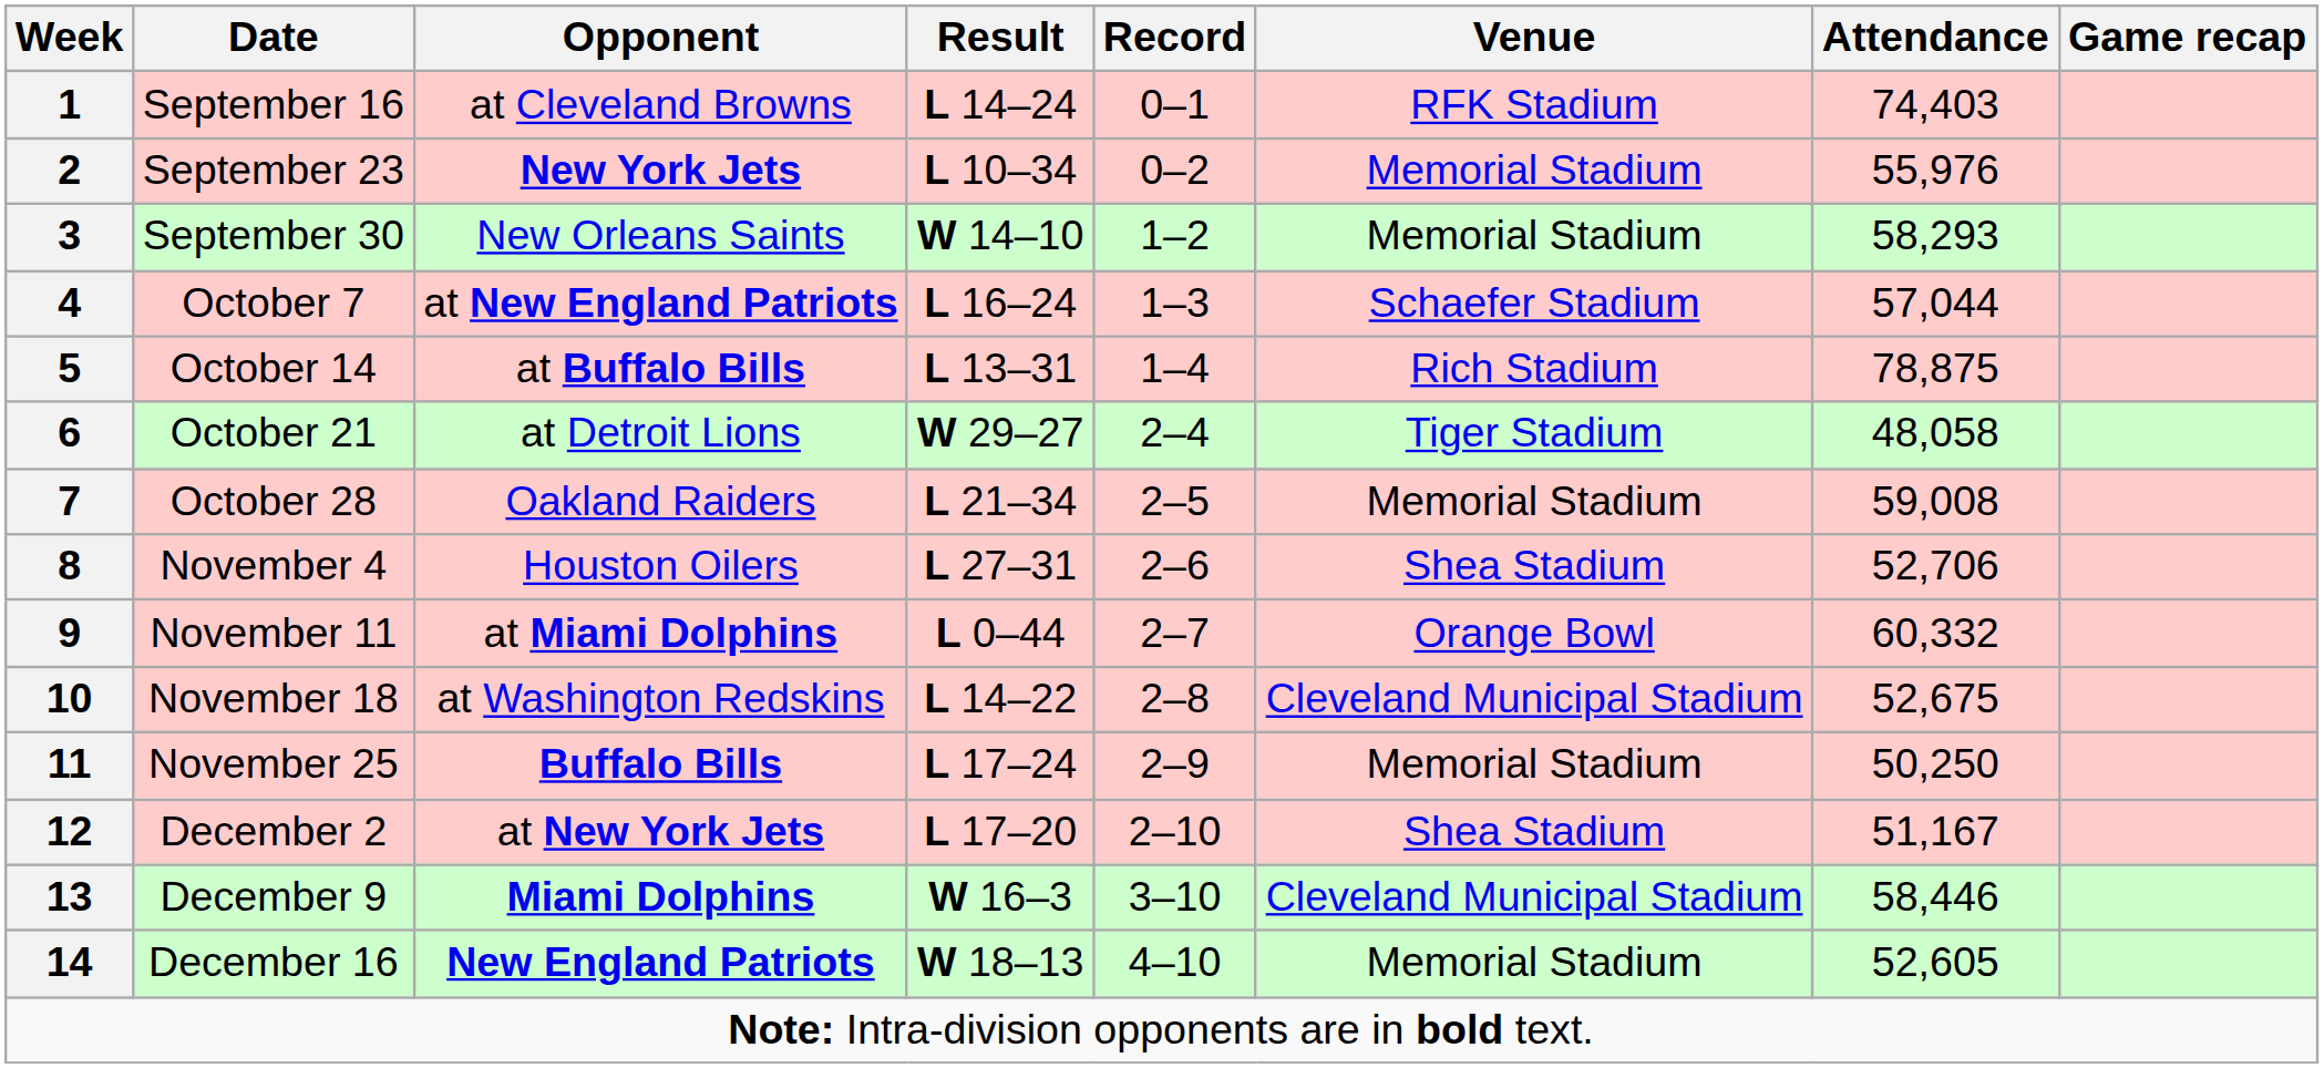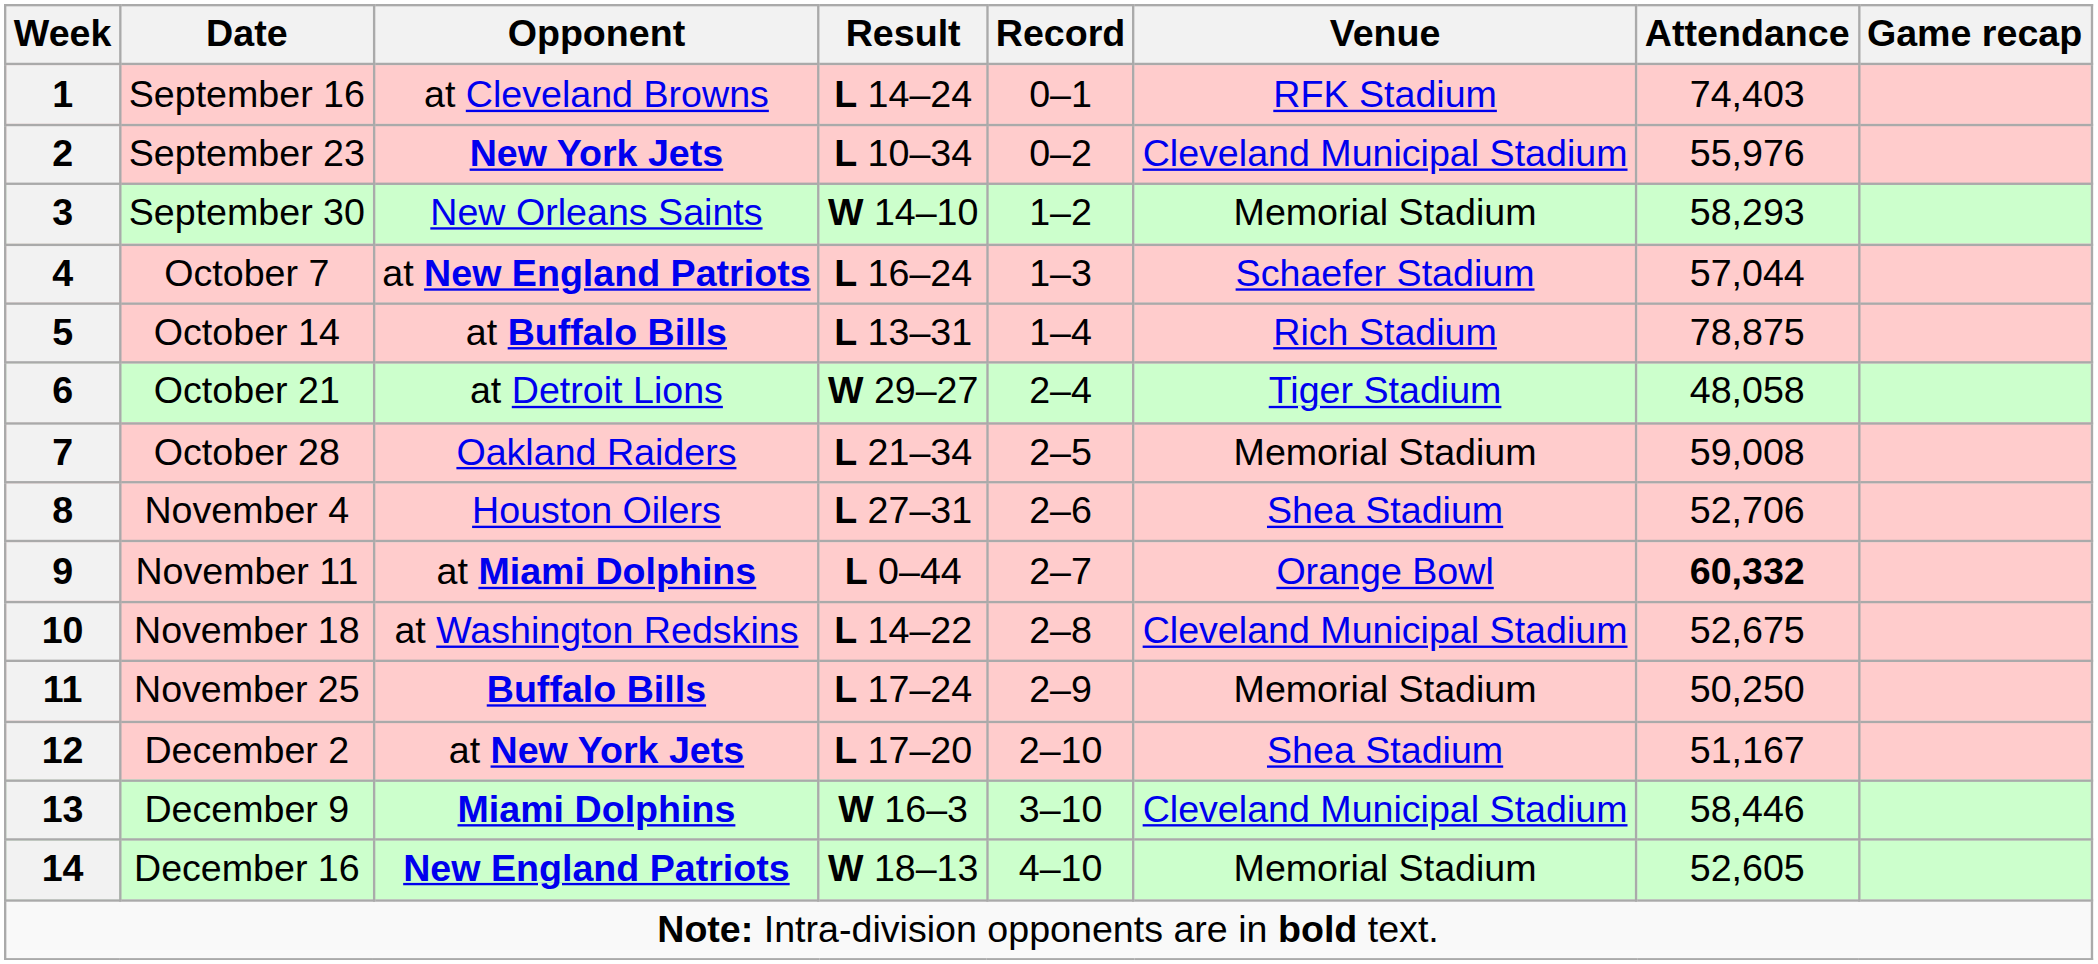 <table class="wikitable" style="text-align:center">
 <tr>
 <th>Week</th>
 <th>Date</th>
 <th>Opponent</th>
 <th>Result</th>
 <th>Record</th>
 <th>Venue</th>
 <th>Attendance</th>
 <th>Game recap</th>
 </tr>
 <tr style="background:#fcc">
 <th>1</th>
 <td>September 16</td>
 <td>at <a href='#'>Cleveland Browns</a></td>
 <td><strong>L</strong> 14–24</td>
 <td>0–1</td>
 <td><a href='#'>RFK Stadium</a></td>
 <td>74,403</td>
 <td></td>
 </tr>
 <tr style="background:#fcc">
 <th>2</th>
 <td>September 23</td>
 <td><strong><a href='#'>New York Jets</a></strong></td>
 <td><strong>L</strong> 10–34</td>
 <td>0–2</td>
-<td><a href='#'>Memorial Stadium</a></td>
+<td><a href='#'>Cleveland Municipal Stadium</a></td>
 <td>55,976</td>
 <td></td>
 </tr>
 <tr style="background:#cfc">
 <th>3</th>
 <td>September 30</td>
 <td><a href='#'>New Orleans Saints</a></td>
 <td><strong>W</strong> 14–10</td>
 <td>1–2</td>
 <td>Memorial Stadium</td>
 <td>58,293</td>
 <td></td>
 </tr>
 <tr style="background:#fcc">
 <th>4</th>
 <td>October 7</td>
 <td>at <strong><a href='#'>New England Patriots</a></strong></td>
 <td><strong>L</strong> 16–24</td>
 <td>1–3</td>
 <td><a href='#'>Schaefer Stadium</a></td>
 <td>57,044</td>
 <td></td>
 </tr>
 <tr style="background:#fcc">
 <th>5</th>
 <td>October 14</td>
 <td>at <strong><a href='#'>Buffalo Bills</a></strong></td>
 <td><strong>L</strong> 13–31</td>
 <td>1–4</td>
 <td><a href='#'>Rich Stadium</a></td>
 <td>78,875</td>
 <td></td>
 </tr>
 <tr style="background:#cfc">
 <th>6</th>
 <td>October 21</td>
 <td>at <a href='#'>Detroit Lions</a></td>
 <td><strong>W</strong> 29–27</td>
 <td>2–4</td>
 <td><a href='#'>Tiger Stadium</a></td>
 <td>48,058</td>
 <td></td>
 </tr>
 <tr style="background:#fcc">
 <th>7</th>
 <td>October 28</td>
 <td><a href='#'>Oakland Raiders</a></td>
 <td><strong>L</strong> 21–34</td>
 <td>2–5</td>
 <td>Memorial Stadium</td>
 <td>59,008</td>
 <td></td>
 </tr>
 <tr style="background:#fcc">
 <th>8</th>
 <td>November 4</td>
 <td><a href='#'>Houston Oilers</a></td>
 <td><strong>L</strong> 27–31</td>
 <td>2–6</td>
 <td><a href='#'>Shea Stadium</a></td>
 <td>52,706</td>
 <td></td>
 </tr>
 <tr style="background:#fcc">
 <th>9</th>
 <td>November 11</td>
 <td>at <strong><a href='#'>Miami Dolphins</a></strong></td>
 <td><strong>L</strong> 0–44</td>
 <td>2–7</td>
 <td><a href='#'>Orange Bowl</a></td>
-<td>60,332</td>
+<td><strong>60,332</strong></td>
 <td></td>
 </tr>
 <tr style="background:#fcc">
 <th>10</th>
 <td>November 18</td>
 <td>at <a href='#'>Washington Redskins</a></td>
 <td><strong>L</strong> 14–22</td>
 <td>2–8</td>
 <td><a href='#'>Cleveland Municipal Stadium</a></td>
 <td>52,675</td>
 <td></td>
 </tr>
 <tr style="background:#fcc">
 <th>11</th>
 <td>November 25</td>
 <td><strong><a href='#'>Buffalo Bills</a></strong></td>
 <td><strong>L</strong> 17–24</td>
 <td>2–9</td>
 <td>Memorial Stadium</td>
 <td>50,250</td>
 <td></td>
 </tr>
 <tr style="background:#fcc">
 <th>12</th>
 <td>December 2</td>
 <td>at <strong><a href='#'>New York Jets</a></strong></td>
 <td><strong>L</strong> 17–20</td>
 <td>2–10</td>
 <td><a href='#'>Shea Stadium</a></td>
 <td>51,167</td>
 <td></td>
 </tr>
 <tr style="background:#cfc">
 <th>13</th>
 <td>December 9</td>
 <td><strong><a href='#'>Miami Dolphins</a></strong></td>
 <td><strong>W</strong> 16–3</td>
 <td>3–10</td>
 <td><a href='#'>Cleveland Municipal Stadium</a></td>
 <td>58,446</td>
 <td></td>
 </tr>
 <tr style="background:#cfc">
 <th>14</th>
 <td>December 16</td>
 <td><strong><a href='#'>New England Patriots</a></strong></td>
 <td><strong>W</strong> 18–13</td>
 <td>4–10</td>
 <td>Memorial Stadium</td>
 <td>52,605</td>
 <td></td>
 </tr>
 <tr>
 <td colspan="8"><strong>Note:</strong> Intra-division opponents are in <strong>bold</strong> text.</td>
 </tr>
 </table>
